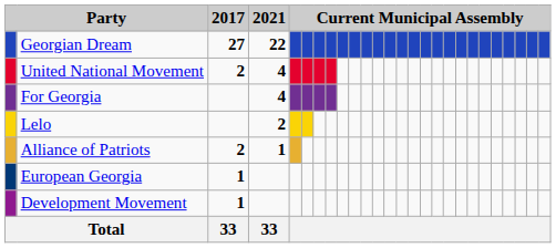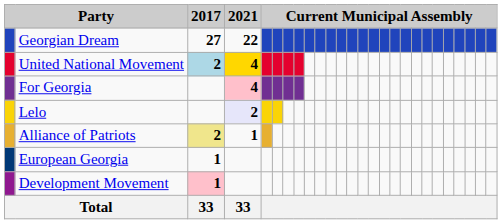 <table class="wikitable">
 <tr>
 <th style="background:#ccc" colspan="2">Party</th>
 <th style="background:#ccc">2017</th>
 <th style="background:#ccc">2021</th>
 <th style="background:#ccc" colspan="45">Current Municipal Assembly</th>
 </tr>
 <tr>
 <td style="background-color: #2044bc"> </td>
 <td><a href='#'>Georgian Dream</a></td>
 <td style="text-align: right"><strong>27</strong></td>
 <td style="text-align: right"><strong>22</strong></td>
 <td style="background-color: #2044bc"></td>
 <td style="background-color: #2044bc"> </td>
 <td style="background-color: #2044bc"> </td>
 <td style="background-color: #2044bc"> </td>
 <td style="background-color: #2044bc"> </td>
 <td style="background-color: #2044bc"> </td>
 <td style="background-color: #2044bc"> </td>
 <td style="background-color: #2044bc"> </td>
 <td style="background-color: #2044bc"> </td>
 <td style="background-color: #2044bc"> </td>
 <td style="background-color: #2044bc"> </td>
 <td style="background-color: #2044bc"> </td>
 <td style="background-color: #2044bc"> </td>
 <td style="background-color: #2044bc"> </td>
 <td style="background-color: #2044bc"> </td>
 <td style="background-color: #2044bc"> </td>
 <td style="background-color: #2044bc"> </td>
 <td style="background-color: #2044bc"> </td>
 <td style="background-color: #2044bc"> </td>
 <td style="background-color: #2044bc"> </td>
 <td style="background-color: #2044bc"> </td>
 <td style="background-color: #2044bc"> </td>
 </tr>
 <tr>
 <td style="background-color: #e4012e"> </td>
 <td><a href='#'>United National Movement</a></td>
-<td style="text-align: right"><strong>2</strong></td>
-<td style="text-align: right"><strong>4</strong></td>
+<td style="background: lightblue; text-align: right"><strong>2</strong></td>
+<td style="background: gold; text-align: right"><strong>4</strong></td>
 <td style="background-color: #e4012e"> </td>
 <td style="background-color: #e4012e"> </td>
 <td style="background-color: #e4012e"> </td>
 <td style="background-color: #e4012e"> </td>
 <td></td>
 <td></td>
 <td></td>
 <td></td>
 <td></td>
 <td></td>
 <td></td>
 <td></td>
 <td></td>
 <td></td>
 <td></td>
 <td></td>
 <td></td>
 <td></td>
 <td></td>
 <td></td>
 <td></td>
 <td></td>
 </tr>
 <tr>
 <td style="background-color: #702F92"> </td>
 <td><a href='#'>For Georgia</a></td>
 <td></td>
-<td style="text-align: right"><strong>4</strong></td>
+<td style="background: pink; text-align: right"><strong>4</strong></td>
 <td style="background-color: #702f92"> </td>
 <td style="background-color: #702f92"> </td>
 <td style="background-color: #702f92"> </td>
 <td style="background-color: #702f92"> </td>
 <td></td>
 <td></td>
 <td></td>
 <td></td>
 <td></td>
 <td></td>
 <td></td>
 <td></td>
 <td></td>
 <td></td>
 <td></td>
 <td></td>
 <td></td>
 <td></td>
 <td></td>
 <td></td>
 <td></td>
 <td></td>
 </tr>
 <tr>
 <td style="background-color: #fad406"> </td>
 <td><a href='#'>Lelo</a></td>
 <td></td>
-<td style="text-align: right"><strong>2</strong></td>
+<td style="background: lavender; text-align: right"><strong>2</strong></td>
 <td style="background-color: #fad406"> </td>
 <td style="background-color: #fad406"> </td>
 <td></td>
 <td></td>
 <td></td>
 <td></td>
 <td></td>
 <td></td>
 <td></td>
 <td></td>
 <td></td>
 <td></td>
 <td></td>
 <td></td>
 <td></td>
 <td></td>
 <td></td>
 <td></td>
 <td></td>
 <td></td>
 <td></td>
 <td></td>
 </tr>
 <tr>
 <td style="background-color: #e7b031"> </td>
 <td><a href='#'>Alliance of Patriots</a></td>
-<td style="text-align: right"><strong>2</strong></td>
+<td style="background: khaki; text-align: right"><strong>2</strong></td>
 <td style="text-align: right"><strong>1</strong></td>
 <td style="background-color: #e7b031"> </td>
 <td></td>
 <td></td>
 <td></td>
 <td></td>
 <td></td>
 <td></td>
 <td></td>
 <td></td>
 <td></td>
 <td></td>
 <td></td>
 <td></td>
 <td></td>
 <td></td>
 <td></td>
 <td></td>
 <td></td>
 <td></td>
 <td></td>
 <td></td>
 <td></td>
 </tr>
 <tr>
 <td style="background-color: #003876"> </td>
 <td><a href='#'>European Georgia</a></td>
 <td style="text-align: right"><strong>1</strong></td>
 <td></td>
 <td></td>
 <td></td>
 <td></td>
 <td></td>
 <td></td>
 <td></td>
 <td></td>
 <td></td>
 <td></td>
 <td></td>
 <td></td>
 <td></td>
 <td></td>
 <td></td>
 <td></td>
 <td></td>
 <td></td>
 <td></td>
 <td></td>
 <td></td>
 <td></td>
 <td></td>
 </tr>
 <tr>
 <td style="background-color: #8f188f"> </td>
 <td><a href='#'>Development Movement</a></td>
-<td style="text-align: right"><strong>1</strong></td>
+<td style="background: pink; text-align: right"><strong>1</strong></td>
 <td></td>
 <td></td>
 <td></td>
 <td></td>
 <td></td>
 <td></td>
 <td></td>
 <td></td>
 <td></td>
 <td></td>
 <td></td>
 <td></td>
 <td></td>
 <td></td>
 <td></td>
 <td></td>
 <td></td>
 <td></td>
 <td></td>
 <td></td>
 <td></td>
 <td></td>
 <td></td>
 </tr>
 <tr>
 <th colspan=2>Total</th>
 <th align=right>33</th>
 <th align=right>33</th>
 <th colspan=45> </th>
 </tr>
 </table>
